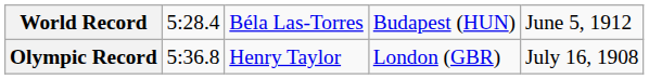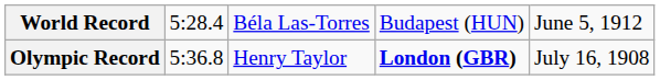 <table class="wikitable" style="font-size:95%;">
 <tr>
 <th>World Record</th>
 <td>5:28.4</td>
 <td> <a href='#'>Béla Las-Torres</a></td>
 <td><a href='#'>Budapest</a> (<a href='#'>HUN</a>)</td>
 <td>June 5, 1912</td>
 </tr>
 <tr>
 <th>Olympic Record</th>
 <td>5:36.8</td>
 <td> <a href='#'>Henry Taylor</a></td>
-<td><a href='#'>London</a> (<a href='#'>GBR</a>)</td>
+<td><strong><a href='#'>London</a> (<a href='#'>GBR</a>)</strong></td>
 <td>July 16, 1908</td>
 </tr>
 </table>
